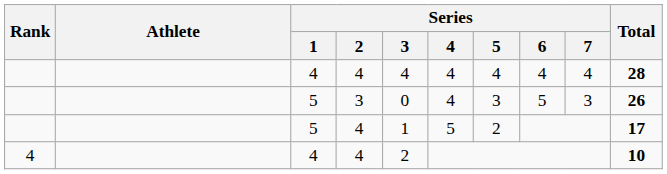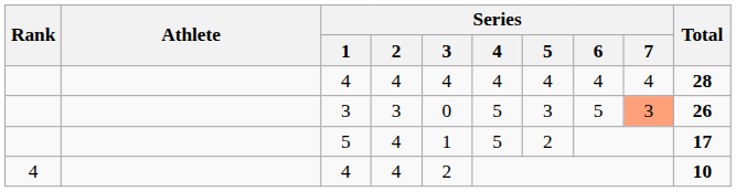 <table class="wikitable" style="text-align:center">
 <tr>
 <th rowspan=2 width=40>Rank</th>
 <th rowspan=2 width=210>Athlete</th>
 <th colspan="7">Series</th>
 <th rowspan=2 width=40>Total</th>
 </tr>
 <tr>
 <th width=35>1</th>
 <th width=35>2</th>
 <th width=35>3</th>
 <th width=35>4</th>
 <th width=35>5</th>
 <th width=35>6</th>
 <th width=35>7</th>
 </tr>
 <tr>
 <td></td>
 <td align=left></td>
 <td>4</td>
 <td>4</td>
 <td>4</td>
 <td>4</td>
 <td>4</td>
 <td>4</td>
 <td>4</td>
 <td><strong>28</strong></td>
 </tr>
 <tr>
 <td></td>
 <td align=left></td>
+<td>3</td>
+<td>3</td>
+<td>0</td>
 <td>5</td>
 <td>3</td>
-<td>0</td>
-<td>4</td>
-<td>3</td>
 <td>5</td>
-<td>3</td>
+<td style="background: lightsalmon;">3</td>
 <td><strong>26</strong></td>
 </tr>
 <tr>
 <td></td>
 <td align=left></td>
 <td>5</td>
 <td>4</td>
 <td>1</td>
 <td>5</td>
 <td>2</td>
 <td colspan=2></td>
 <td><strong>17</strong></td>
 </tr>
 <tr>
 <td>4</td>
 <td align=left></td>
 <td>4</td>
 <td>4</td>
 <td>2</td>
 <td colspan=4></td>
 <td><strong>10</strong></td>
 </tr>
 </table>
